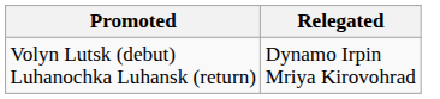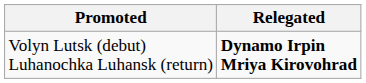 <table class="wikitable">
 <tr>
 <th>Promoted</th>
 <th>Relegated</th>
 </tr>
 <tr>
 <td>Volyn Lutsk (debut)<br>Luhanochka Luhansk (return)</td>
-<td>Dynamo Irpin <br>Mriya Kirovohrad </td>
+<td><strong>Dynamo Irpin <br>Mriya Kirovohrad </strong></td>
 </tr>
 </table>
